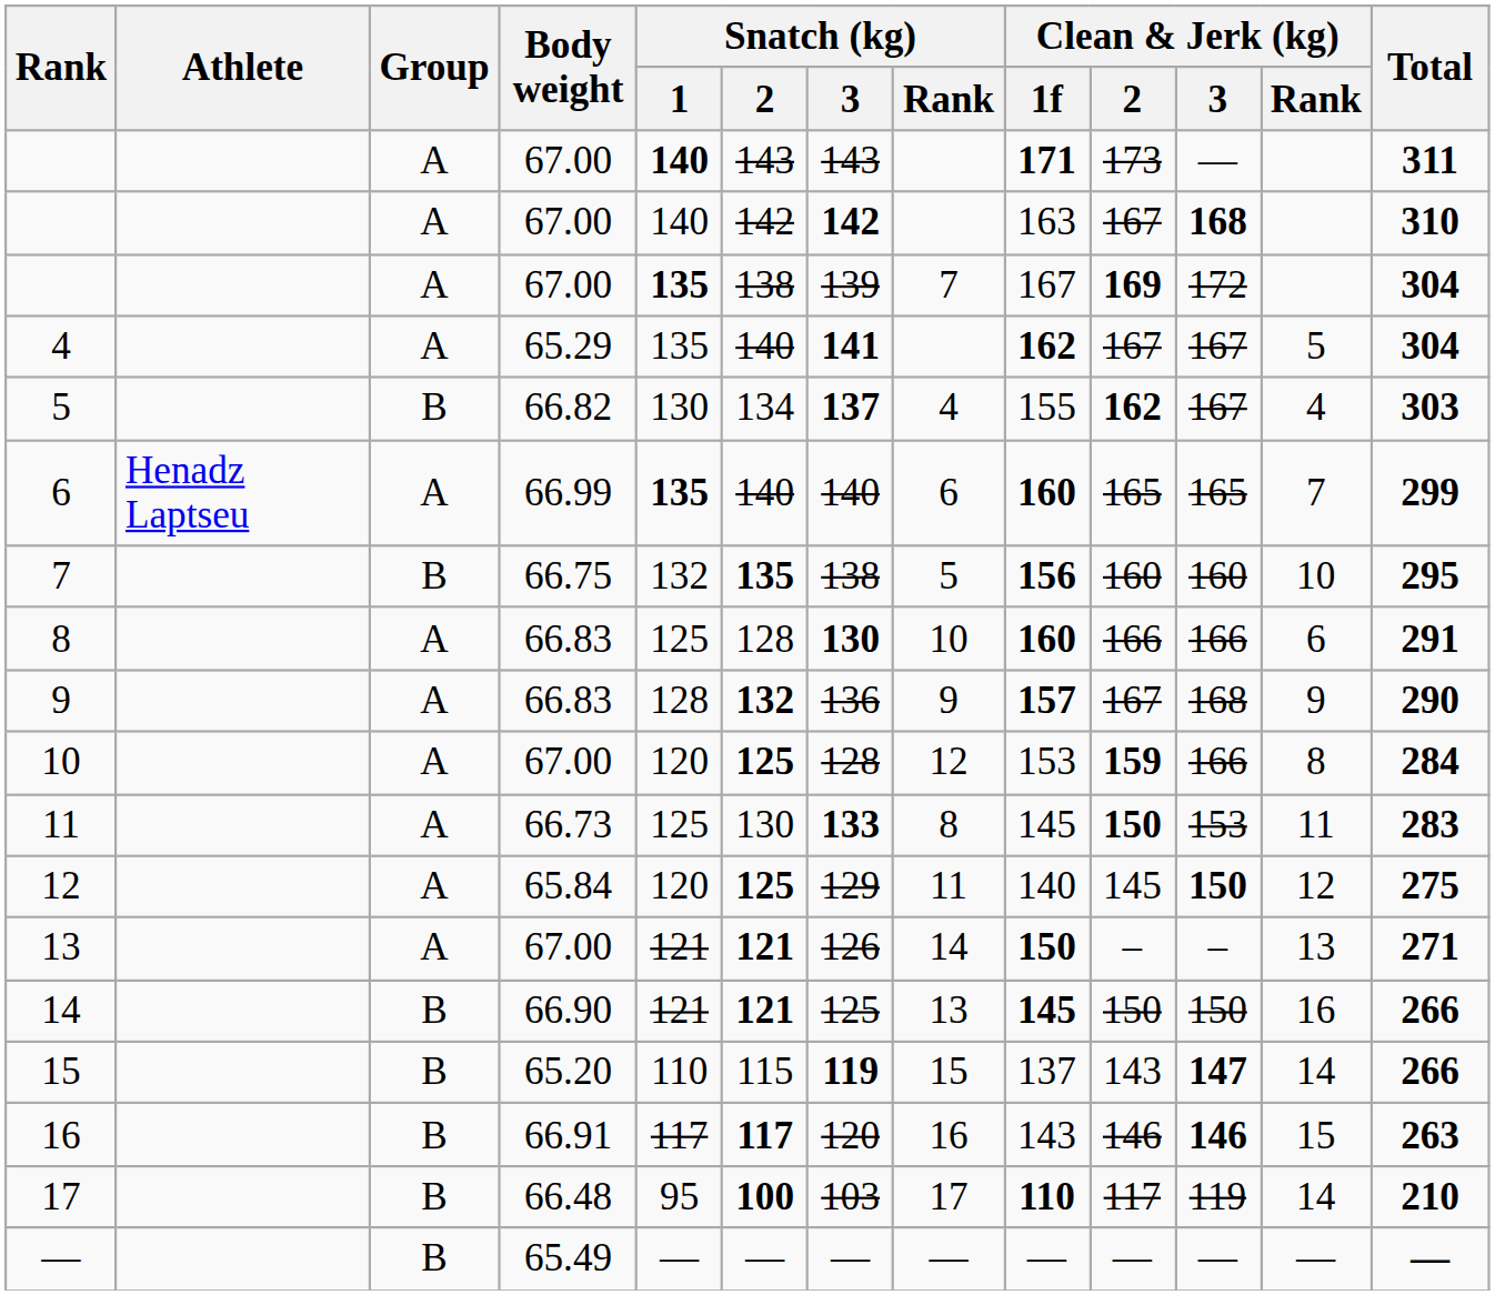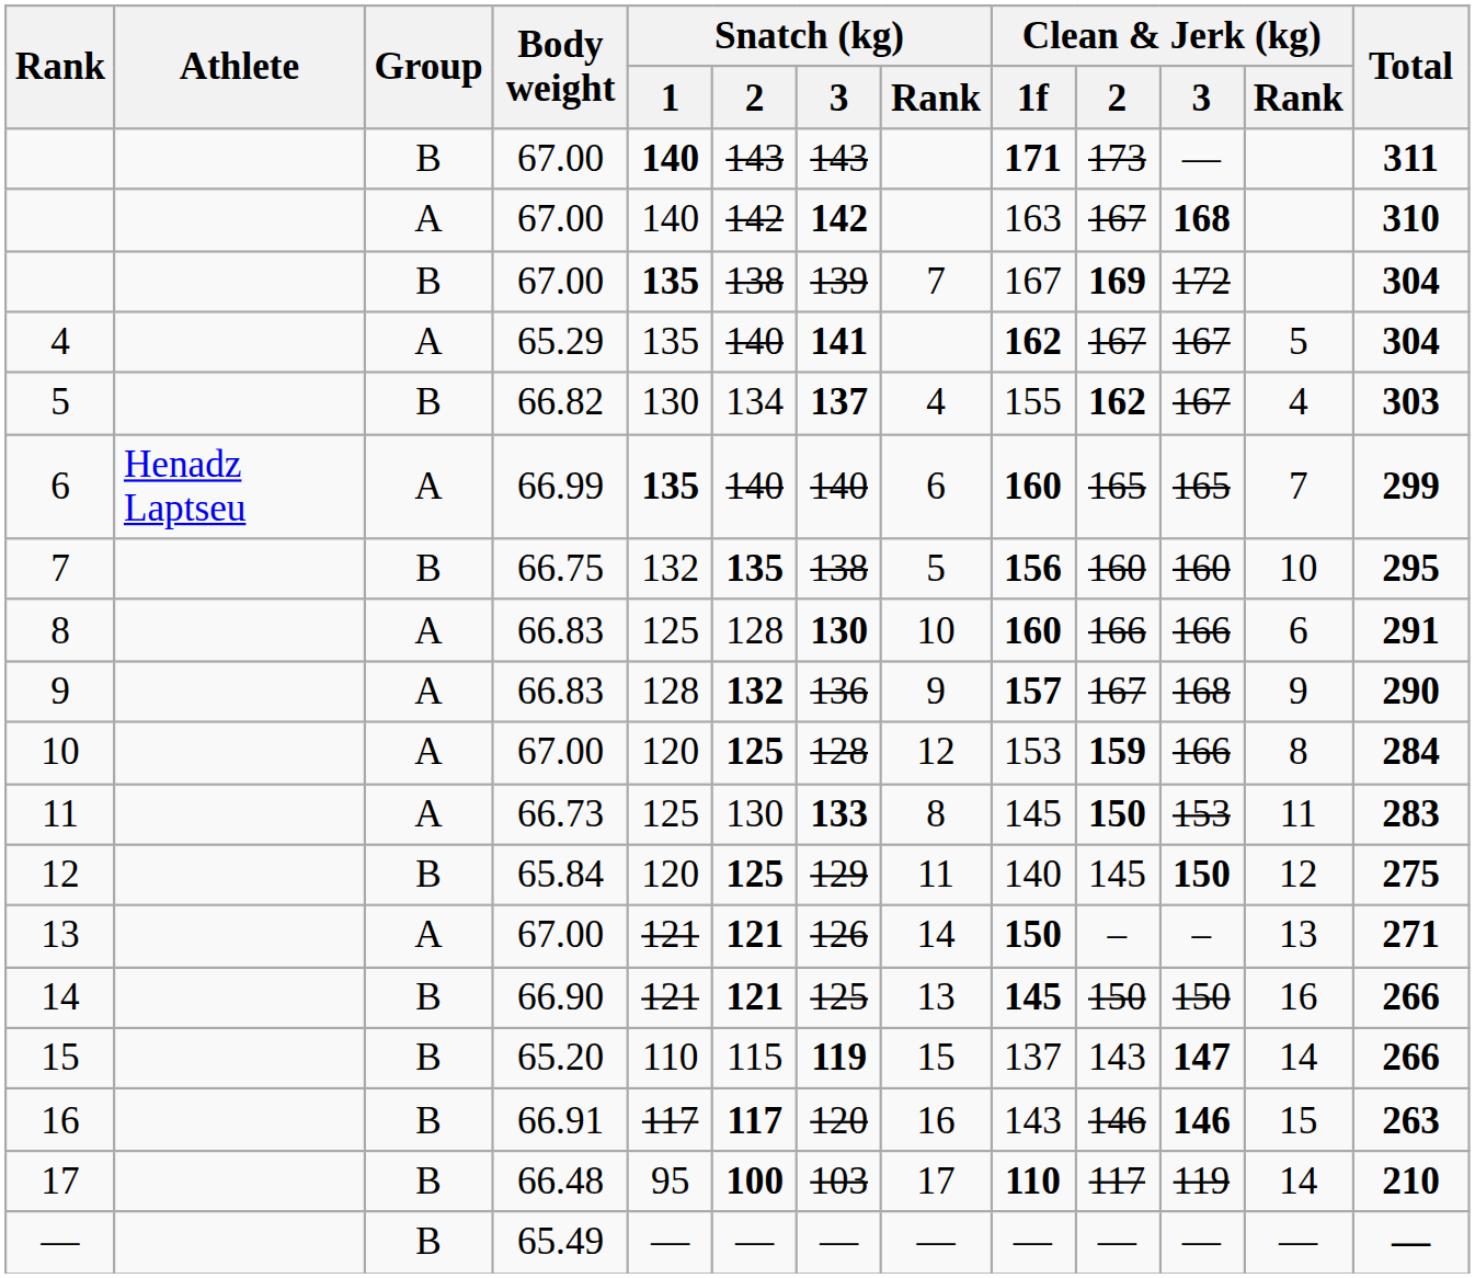 <table class = "wikitable" style="text-align:center;">
 <tr>
 <th rowspan=2 width=40>Rank</th>
 <th rowspan=2 width=250>Athlete</th>
 <th rowspan=2 width=50>Group</th>
 <th rowspan=2 width=60>Body weight</th>
 <th colspan=4>Snatch (kg)</th>
 <th colspan=4>Clean & Jerk (kg)</th>
 <th rowspan=2 width=60>Total</th>
 </tr>
 <tr>
 <th width=40>1</th>
 <th width=40>2</th>
 <th width=40>3</th>
 <th width=40>Rank</th>
 <th width=40>1f</th>
 <th width=40>2</th>
 <th width=40>3</th>
 <th width=40>Rank</th>
 </tr>
 <tr>
 <td></td>
 <td align=left></td>
-<td>A</td>
+<td>B</td>
 <td>67.00</td>
 <td><strong>140</strong></td>
 <td><s>143</s></td>
 <td><s>143</s></td>
 <td></td>
 <td><strong>171</strong></td>
 <td><s>173</s></td>
 <td>—</td>
 <td></td>
 <td><strong>311</strong></td>
 </tr>
 <tr>
 <td></td>
 <td align=left></td>
 <td>A</td>
 <td>67.00</td>
 <td>140</td>
 <td><s>142</s></td>
 <td><strong>142</strong></td>
 <td></td>
 <td>163</td>
 <td><s>167</s></td>
 <td><strong>168</strong></td>
 <td></td>
 <td><strong>310</strong></td>
 </tr>
 <tr>
 <td></td>
 <td align=left></td>
-<td>A</td>
+<td>B</td>
 <td>67.00</td>
 <td><strong>135</strong></td>
 <td><s>138</s></td>
 <td><s>139</s></td>
 <td>7</td>
 <td>167</td>
 <td><strong>169</strong></td>
 <td><s>172</s></td>
 <td></td>
 <td><strong>304</strong></td>
 </tr>
 <tr>
 <td>4</td>
 <td align=left></td>
 <td>A</td>
 <td>65.29</td>
 <td>135</td>
 <td><s>140</s></td>
 <td><strong>141</strong></td>
 <td></td>
 <td><strong>162</strong></td>
 <td><s>167</s></td>
 <td><s>167</s></td>
 <td>5</td>
 <td><strong>304</strong></td>
 </tr>
 <tr>
 <td>5</td>
 <td align=left></td>
 <td>B</td>
 <td>66.82</td>
 <td>130</td>
 <td>134</td>
 <td><strong>137</strong></td>
 <td>4</td>
 <td>155</td>
 <td><strong>162</strong></td>
 <td><s>167</s></td>
 <td>4</td>
 <td><strong>303</strong></td>
 </tr>
 <tr>
 <td>6</td>
 <td align=left> <a href='#'>Henadz Laptseu</a> </td>
 <td>A</td>
 <td>66.99</td>
 <td><strong>135</strong></td>
 <td><s>140</s></td>
 <td><s>140</s></td>
 <td>6</td>
 <td><strong>160</strong></td>
 <td><s>165</s></td>
 <td><s>165</s></td>
 <td>7</td>
 <td><strong>299</strong></td>
 </tr>
 <tr>
 <td>7</td>
 <td align=left></td>
 <td>B</td>
 <td>66.75</td>
 <td>132</td>
 <td><strong>135</strong></td>
 <td><s>138</s></td>
 <td>5</td>
 <td><strong>156</strong></td>
 <td><s>160</s></td>
 <td><s>160</s></td>
 <td>10</td>
 <td><strong>295</strong></td>
 </tr>
 <tr>
 <td>8</td>
 <td align=left></td>
 <td>A</td>
 <td>66.83</td>
 <td>125</td>
 <td>128</td>
 <td><strong>130</strong></td>
 <td>10</td>
 <td><strong>160</strong></td>
 <td><s>166</s></td>
 <td><s>166</s></td>
 <td>6</td>
 <td><strong>291</strong></td>
 </tr>
 <tr>
 <td>9</td>
 <td align=left></td>
 <td>A</td>
 <td>66.83</td>
 <td>128</td>
 <td><strong>132</strong></td>
 <td><s>136</s></td>
 <td>9</td>
 <td><strong>157</strong></td>
 <td><s>167</s></td>
 <td><s>168</s></td>
 <td>9</td>
 <td><strong>290</strong></td>
 </tr>
 <tr>
 <td>10</td>
 <td align=left></td>
 <td>A</td>
 <td>67.00</td>
 <td>120</td>
 <td><strong>125</strong></td>
 <td><s>128</s></td>
 <td>12</td>
 <td>153</td>
 <td><strong>159</strong></td>
 <td><s>166</s></td>
 <td>8</td>
 <td><strong>284</strong></td>
 </tr>
 <tr>
 <td>11</td>
 <td align=left></td>
 <td>A</td>
 <td>66.73</td>
 <td>125</td>
 <td>130</td>
 <td><strong>133</strong></td>
 <td>8</td>
 <td>145</td>
 <td><strong>150</strong></td>
 <td><s>153</s></td>
 <td>11</td>
 <td><strong>283</strong></td>
 </tr>
 <tr>
 <td>12</td>
 <td align=left></td>
-<td>A</td>
+<td>B</td>
 <td>65.84</td>
 <td>120</td>
 <td><strong>125</strong></td>
 <td><s>129</s></td>
 <td>11</td>
 <td>140</td>
 <td>145</td>
 <td><strong>150</strong></td>
 <td>12</td>
 <td><strong>275</strong></td>
 </tr>
 <tr>
 <td>13</td>
 <td align=left></td>
 <td>A</td>
 <td>67.00</td>
 <td><s>121</s></td>
 <td><strong>121</strong></td>
 <td><s>126</s></td>
 <td>14</td>
 <td><strong>150</strong></td>
 <td>–</td>
 <td>–</td>
 <td>13</td>
 <td><strong>271</strong></td>
 </tr>
 <tr>
 <td>14</td>
 <td align=left></td>
 <td>B</td>
 <td>66.90</td>
 <td><s>121</s></td>
 <td><strong>121</strong></td>
 <td><s>125</s></td>
 <td>13</td>
 <td><strong>145</strong></td>
 <td><s>150</s></td>
 <td><s>150</s></td>
 <td>16</td>
 <td><strong>266</strong></td>
 </tr>
 <tr>
 <td>15</td>
 <td align=left></td>
 <td>B</td>
 <td>65.20</td>
 <td>110</td>
 <td>115</td>
 <td><strong>119</strong></td>
 <td>15</td>
 <td>137</td>
 <td>143</td>
 <td><strong>147</strong></td>
 <td>14</td>
 <td><strong>266</strong></td>
 </tr>
 <tr>
 <td>16</td>
 <td align=left></td>
 <td>B</td>
 <td>66.91</td>
 <td><s>117</s></td>
 <td><strong>117</strong></td>
 <td><s>120</s></td>
 <td>16</td>
 <td>143</td>
 <td><s>146</s></td>
 <td><strong>146</strong></td>
 <td>15</td>
 <td><strong>263</strong></td>
 </tr>
 <tr>
 <td>17</td>
 <td align=left></td>
 <td>B</td>
 <td>66.48</td>
 <td>95</td>
 <td><strong>100</strong></td>
 <td><s>103</s></td>
 <td>17</td>
 <td><strong>110</strong></td>
 <td><s>117</s></td>
 <td><s>119</s></td>
 <td>14</td>
 <td><strong>210</strong></td>
 </tr>
 <tr>
 <td>—</td>
 <td align=left></td>
 <td>B</td>
 <td>65.49</td>
 <td>—</td>
 <td>—</td>
 <td>—</td>
 <td>—</td>
 <td>—</td>
 <td>—</td>
 <td>—</td>
 <td>—</td>
 <td><strong>—</strong></td>
 </tr>
 </table>
